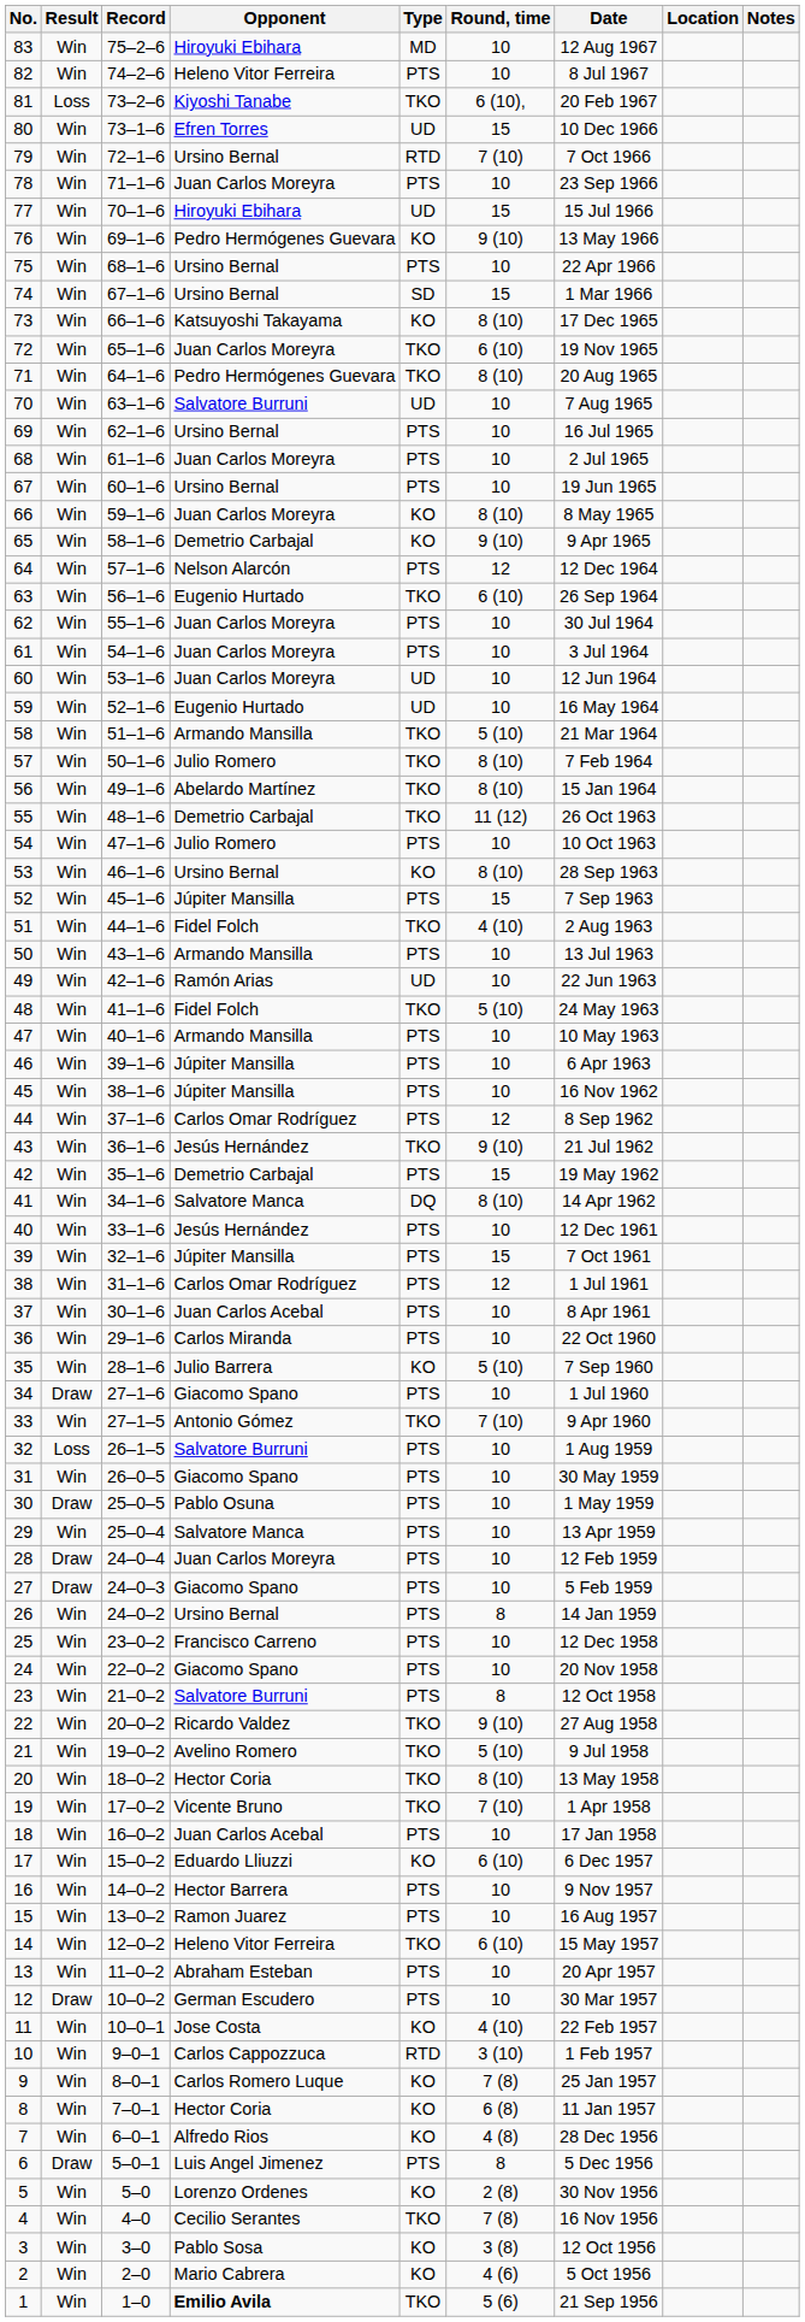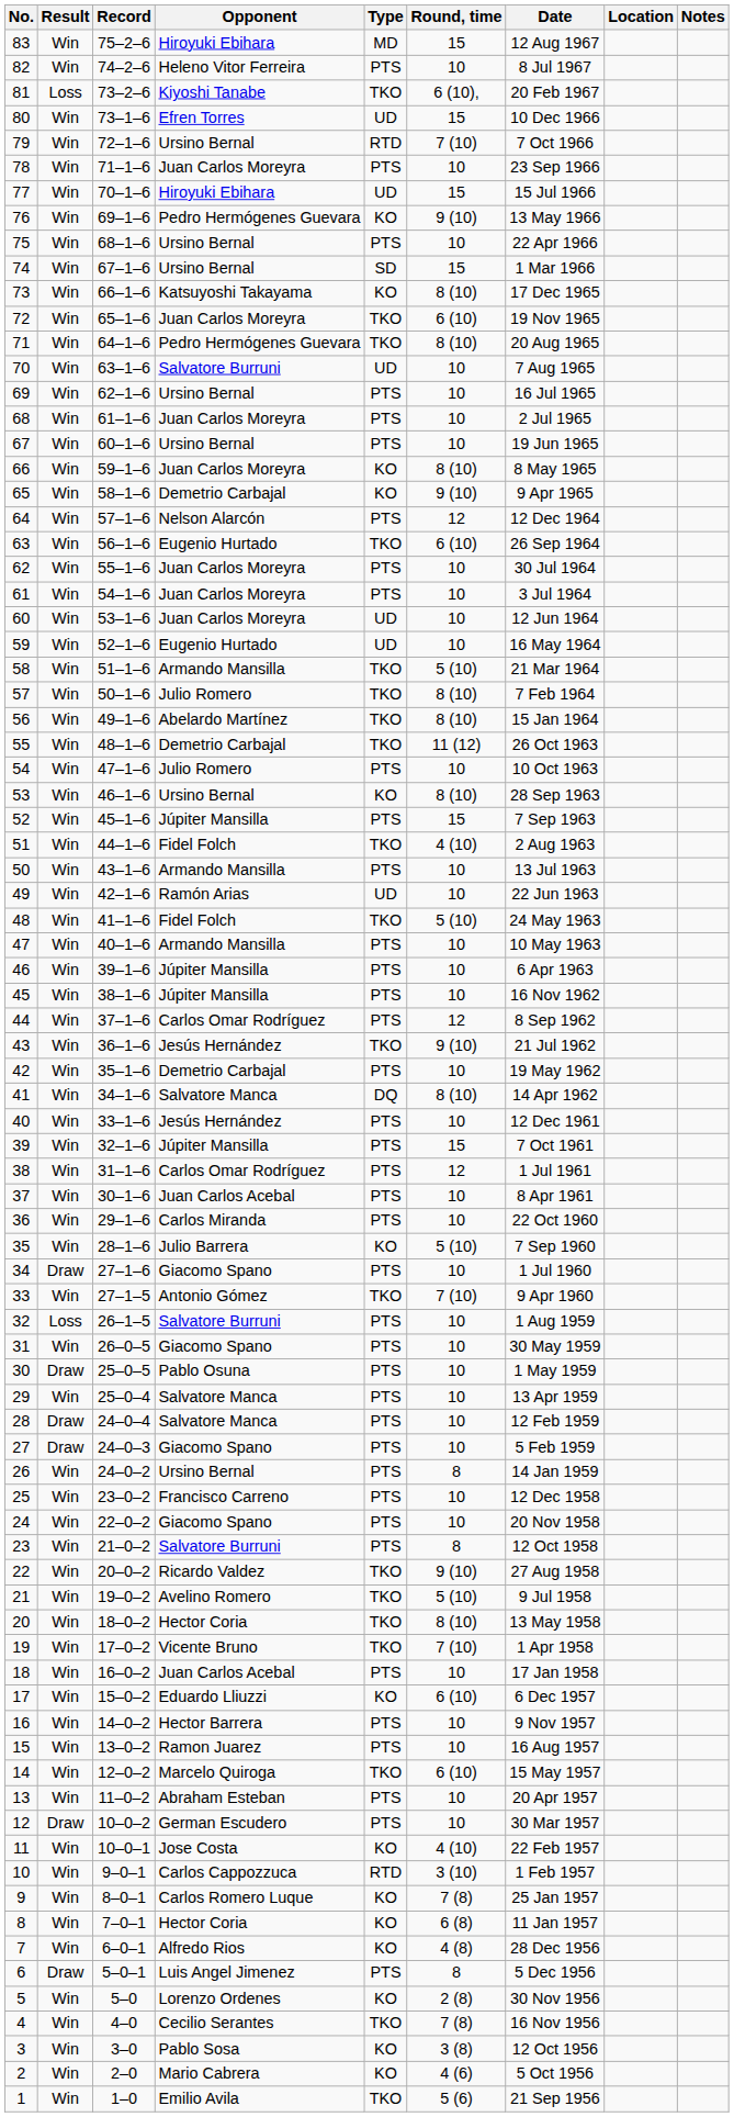 <table class="wikitable" style="text-align:center">
 <tr>
 <th>No.</th>
 <th>Result</th>
 <th>Record</th>
 <th>Opponent</th>
 <th>Type</th>
 <th>Round, time</th>
 <th>Date</th>
 <th>Location</th>
 <th>Notes</th>
 </tr>
 <tr>
 <td>83</td>
 <td>Win</td>
 <td>75–2–6</td>
 <td align=left><a href='#'>Hiroyuki Ebihara</a></td>
 <td>MD</td>
-<td>10</td>
+<td>15</td>
 <td>12 Aug 1967</td>
 <td align=left></td>
 <td align=left></td>
 </tr>
 <tr>
 <td>82</td>
 <td>Win</td>
 <td>74–2–6</td>
 <td align=left>Heleno Vitor Ferreira</td>
 <td>PTS</td>
 <td>10</td>
 <td>8 Jul 1967</td>
 <td align=left></td>
 <td align=left></td>
 </tr>
 <tr>
 <td>81</td>
 <td>Loss</td>
 <td>73–2–6</td>
 <td align=left><a href='#'>Kiyoshi Tanabe</a></td>
 <td>TKO</td>
 <td>6 (10), </td>
 <td>20 Feb 1967</td>
 <td align=left></td>
 <td align=left></td>
 </tr>
 <tr>
 <td>80</td>
 <td>Win</td>
 <td>73–1–6</td>
 <td align=left><a href='#'>Efren Torres</a></td>
 <td>UD</td>
 <td>15</td>
 <td>10 Dec 1966</td>
 <td align=left></td>
 <td align=left></td>
 </tr>
 <tr>
 <td>79</td>
 <td>Win</td>
 <td>72–1–6</td>
 <td align=left>Ursino Bernal</td>
 <td>RTD</td>
 <td>7 (10)</td>
 <td>7 Oct 1966</td>
 <td align=left></td>
 <td align=left></td>
 </tr>
 <tr>
 <td>78</td>
 <td>Win</td>
 <td>71–1–6</td>
 <td align=left>Juan Carlos Moreyra</td>
 <td>PTS</td>
 <td>10</td>
 <td>23 Sep 1966</td>
 <td align=left></td>
 <td align=left></td>
 </tr>
 <tr>
 <td>77</td>
 <td>Win</td>
 <td>70–1–6</td>
 <td align=left><a href='#'>Hiroyuki Ebihara</a></td>
 <td>UD</td>
 <td>15</td>
 <td>15 Jul 1966</td>
 <td align=left></td>
 <td align=left></td>
 </tr>
 <tr>
 <td>76</td>
 <td>Win</td>
 <td>69–1–6</td>
 <td align=left>Pedro Hermógenes Guevara</td>
 <td>KO</td>
 <td>9 (10)</td>
 <td>13 May 1966</td>
 <td align=left></td>
 <td align=left></td>
 </tr>
 <tr>
 <td>75</td>
 <td>Win</td>
 <td>68–1–6</td>
 <td align=left>Ursino Bernal</td>
 <td>PTS</td>
 <td>10</td>
 <td>22 Apr 1966</td>
 <td align=left></td>
 <td align=left></td>
 </tr>
 <tr>
 <td>74</td>
 <td>Win</td>
 <td>67–1–6</td>
 <td align=left>Ursino Bernal</td>
 <td>SD</td>
 <td>15</td>
 <td>1 Mar 1966</td>
 <td align=left></td>
 <td align=left></td>
 </tr>
 <tr>
 <td>73</td>
 <td>Win</td>
 <td>66–1–6</td>
 <td align=left>Katsuyoshi Takayama</td>
 <td>KO</td>
 <td>8 (10)</td>
 <td>17 Dec 1965</td>
 <td align=left></td>
 <td align=left></td>
 </tr>
 <tr>
 <td>72</td>
 <td>Win</td>
 <td>65–1–6</td>
 <td align=left>Juan Carlos Moreyra</td>
 <td>TKO</td>
 <td>6 (10)</td>
 <td>19 Nov 1965</td>
 <td align=left></td>
 <td align=left></td>
 </tr>
 <tr>
 <td>71</td>
 <td>Win</td>
 <td>64–1–6</td>
 <td align=left>Pedro Hermógenes Guevara</td>
 <td>TKO</td>
 <td>8 (10)</td>
 <td>20 Aug 1965</td>
 <td align=left></td>
 <td align=left></td>
 </tr>
 <tr>
 <td>70</td>
 <td>Win</td>
 <td>63–1–6</td>
 <td align=left><a href='#'>Salvatore Burruni</a></td>
 <td>UD</td>
 <td>10</td>
 <td>7 Aug 1965</td>
 <td align=left></td>
 <td align=left></td>
 </tr>
 <tr>
 <td>69</td>
 <td>Win</td>
 <td>62–1–6</td>
 <td align=left>Ursino Bernal</td>
 <td>PTS</td>
 <td>10</td>
 <td>16 Jul 1965</td>
 <td align=left></td>
 <td align=left></td>
 </tr>
 <tr>
 <td>68</td>
 <td>Win</td>
 <td>61–1–6</td>
 <td align=left>Juan Carlos Moreyra</td>
 <td>PTS</td>
 <td>10</td>
 <td>2 Jul 1965</td>
 <td align=left></td>
 <td align=left></td>
 </tr>
 <tr>
 <td>67</td>
 <td>Win</td>
 <td>60–1–6</td>
 <td align=left>Ursino Bernal</td>
 <td>PTS</td>
 <td>10</td>
 <td>19 Jun 1965</td>
 <td align=left></td>
 <td align=left></td>
 </tr>
 <tr>
 <td>66</td>
 <td>Win</td>
 <td>59–1–6</td>
 <td align=left>Juan Carlos Moreyra</td>
 <td>KO</td>
 <td>8 (10)</td>
 <td>8 May 1965</td>
 <td align=left></td>
 <td align=left></td>
 </tr>
 <tr>
 <td>65</td>
 <td>Win</td>
 <td>58–1–6</td>
 <td align=left>Demetrio Carbajal</td>
 <td>KO</td>
 <td>9 (10)</td>
 <td>9 Apr 1965</td>
 <td align=left></td>
 <td align=left></td>
 </tr>
 <tr>
 <td>64</td>
 <td>Win</td>
 <td>57–1–6</td>
 <td align=left>Nelson Alarcón</td>
 <td>PTS</td>
 <td>12</td>
 <td>12 Dec 1964</td>
 <td align=left></td>
 <td align=left></td>
 </tr>
 <tr>
 <td>63</td>
 <td>Win</td>
 <td>56–1–6</td>
 <td align=left>Eugenio Hurtado</td>
 <td>TKO</td>
 <td>6 (10)</td>
 <td>26 Sep 1964</td>
 <td align=left></td>
 <td align=left></td>
 </tr>
 <tr>
 <td>62</td>
 <td>Win</td>
 <td>55–1–6</td>
 <td align=left>Juan Carlos Moreyra</td>
 <td>PTS</td>
 <td>10</td>
 <td>30 Jul 1964</td>
 <td align=left></td>
 <td align=left></td>
 </tr>
 <tr>
 <td>61</td>
 <td>Win</td>
 <td>54–1–6</td>
 <td align=left>Juan Carlos Moreyra</td>
 <td>PTS</td>
 <td>10</td>
 <td>3 Jul 1964</td>
 <td align=left></td>
 <td align=left></td>
 </tr>
 <tr>
 <td>60</td>
 <td>Win</td>
 <td>53–1–6</td>
 <td align=left>Juan Carlos Moreyra</td>
 <td>UD</td>
 <td>10</td>
 <td>12 Jun 1964</td>
 <td align=left></td>
 <td align=left></td>
 </tr>
 <tr>
 <td>59</td>
 <td>Win</td>
 <td>52–1–6</td>
 <td align=left>Eugenio Hurtado</td>
 <td>UD</td>
 <td>10</td>
 <td>16 May 1964</td>
 <td align=left></td>
 <td align=left></td>
 </tr>
 <tr>
 <td>58</td>
 <td>Win</td>
 <td>51–1–6</td>
 <td align=left>Armando Mansilla</td>
 <td>TKO</td>
 <td>5 (10)</td>
 <td>21 Mar 1964</td>
 <td align=left></td>
 <td align=left></td>
 </tr>
 <tr>
 <td>57</td>
 <td>Win</td>
 <td>50–1–6</td>
 <td align=left>Julio Romero</td>
 <td>TKO</td>
 <td>8 (10)</td>
 <td>7 Feb 1964</td>
 <td align=left></td>
 <td align=left></td>
 </tr>
 <tr>
 <td>56</td>
 <td>Win</td>
 <td>49–1–6</td>
 <td align=left>Abelardo Martínez</td>
 <td>TKO</td>
 <td>8 (10)</td>
 <td>15 Jan 1964</td>
 <td align=left></td>
 <td align=left></td>
 </tr>
 <tr>
 <td>55</td>
 <td>Win</td>
 <td>48–1–6</td>
 <td align=left>Demetrio Carbajal</td>
 <td>TKO</td>
 <td>11 (12)</td>
 <td>26 Oct 1963</td>
 <td align=left></td>
 <td align=left></td>
 </tr>
 <tr>
 <td>54</td>
 <td>Win</td>
 <td>47–1–6</td>
 <td align=left>Julio Romero</td>
 <td>PTS</td>
 <td>10</td>
 <td>10 Oct 1963</td>
 <td align=left></td>
 <td align=left></td>
 </tr>
 <tr>
 <td>53</td>
 <td>Win</td>
 <td>46–1–6</td>
 <td align=left>Ursino Bernal</td>
 <td>KO</td>
 <td>8 (10)</td>
 <td>28 Sep 1963</td>
 <td align=left></td>
 <td align=left></td>
 </tr>
 <tr>
 <td>52</td>
 <td>Win</td>
 <td>45–1–6</td>
 <td align=left>Júpiter Mansilla</td>
 <td>PTS</td>
 <td>15</td>
 <td>7 Sep 1963</td>
 <td align=left></td>
 <td align=left></td>
 </tr>
 <tr>
 <td>51</td>
 <td>Win</td>
 <td>44–1–6</td>
 <td align=left>Fidel Folch</td>
 <td>TKO</td>
 <td>4 (10)</td>
 <td>2 Aug 1963</td>
 <td align=left></td>
 <td align=left></td>
 </tr>
 <tr>
 <td>50</td>
 <td>Win</td>
 <td>43–1–6</td>
 <td align=left>Armando Mansilla</td>
 <td>PTS</td>
 <td>10</td>
 <td>13 Jul 1963</td>
 <td align=left></td>
 <td align=left></td>
 </tr>
 <tr>
 <td>49</td>
 <td>Win</td>
 <td>42–1–6</td>
 <td align=left>Ramón Arias</td>
 <td>UD</td>
 <td>10</td>
 <td>22 Jun 1963</td>
 <td align=left></td>
 <td align=left></td>
 </tr>
 <tr>
 <td>48</td>
 <td>Win</td>
 <td>41–1–6</td>
 <td align=left>Fidel Folch</td>
 <td>TKO</td>
 <td>5 (10)</td>
 <td>24 May 1963</td>
 <td align=left></td>
 <td align=left></td>
 </tr>
 <tr>
 <td>47</td>
 <td>Win</td>
 <td>40–1–6</td>
 <td align=left>Armando Mansilla</td>
 <td>PTS</td>
 <td>10</td>
 <td>10 May 1963</td>
 <td align=left></td>
 <td align=left></td>
 </tr>
 <tr>
 <td>46</td>
 <td>Win</td>
 <td>39–1–6</td>
 <td align=left>Júpiter Mansilla</td>
 <td>PTS</td>
 <td>10</td>
 <td>6 Apr 1963</td>
 <td align=left></td>
 <td align=left></td>
 </tr>
 <tr>
 <td>45</td>
 <td>Win</td>
 <td>38–1–6</td>
 <td align=left>Júpiter Mansilla</td>
 <td>PTS</td>
 <td>10</td>
 <td>16 Nov 1962</td>
 <td align=left></td>
 <td align=left></td>
 </tr>
 <tr>
 <td>44</td>
 <td>Win</td>
 <td>37–1–6</td>
 <td align=left>Carlos Omar Rodríguez</td>
 <td>PTS</td>
 <td>12</td>
 <td>8 Sep 1962</td>
 <td align=left></td>
 <td align=left></td>
 </tr>
 <tr>
 <td>43</td>
 <td>Win</td>
 <td>36–1–6</td>
 <td align=left>Jesús Hernández</td>
 <td>TKO</td>
 <td>9 (10)</td>
 <td>21 Jul 1962</td>
 <td align=left></td>
 <td align=left></td>
 </tr>
 <tr>
 <td>42</td>
 <td>Win</td>
 <td>35–1–6</td>
 <td align=left>Demetrio Carbajal</td>
 <td>PTS</td>
-<td>15</td>
+<td>10</td>
 <td>19 May 1962</td>
 <td align=left></td>
 <td align=left></td>
 </tr>
 <tr>
 <td>41</td>
 <td>Win</td>
 <td>34–1–6</td>
 <td align=left>Salvatore Manca</td>
 <td>DQ</td>
 <td>8 (10)</td>
 <td>14 Apr 1962</td>
 <td align=left></td>
 <td align=left></td>
 </tr>
 <tr>
 <td>40</td>
 <td>Win</td>
 <td>33–1–6</td>
 <td align=left>Jesús Hernández</td>
 <td>PTS</td>
 <td>10</td>
 <td>12 Dec 1961</td>
 <td align=left></td>
 <td align=left></td>
 </tr>
 <tr>
 <td>39</td>
 <td>Win</td>
 <td>32–1–6</td>
 <td align=left>Júpiter Mansilla</td>
 <td>PTS</td>
 <td>15</td>
 <td>7 Oct 1961</td>
 <td align=left></td>
 <td align=left></td>
 </tr>
 <tr>
 <td>38</td>
 <td>Win</td>
 <td>31–1–6</td>
 <td align=left>Carlos Omar Rodríguez</td>
 <td>PTS</td>
 <td>12</td>
 <td>1 Jul 1961</td>
 <td align=left></td>
 <td align=left></td>
 </tr>
 <tr>
 <td>37</td>
 <td>Win</td>
 <td>30–1–6</td>
 <td align=left>Juan Carlos Acebal</td>
 <td>PTS</td>
 <td>10</td>
 <td>8 Apr 1961</td>
 <td align=left></td>
 <td align=left></td>
 </tr>
 <tr>
 <td>36</td>
 <td>Win</td>
 <td>29–1–6</td>
 <td align=left>Carlos Miranda</td>
 <td>PTS</td>
 <td>10</td>
 <td>22 Oct 1960</td>
 <td align=left></td>
 <td align=left></td>
 </tr>
 <tr>
 <td>35</td>
 <td>Win</td>
 <td>28–1–6</td>
 <td align=left>Julio Barrera</td>
 <td>KO</td>
 <td>5 (10)</td>
 <td>7 Sep 1960</td>
 <td align=left></td>
 <td align=left></td>
 </tr>
 <tr>
 <td>34</td>
 <td>Draw</td>
 <td>27–1–6</td>
 <td align=left>Giacomo Spano</td>
 <td>PTS</td>
 <td>10</td>
 <td>1 Jul 1960</td>
 <td align=left></td>
 <td align=left></td>
 </tr>
 <tr>
 <td>33</td>
 <td>Win</td>
 <td>27–1–5</td>
 <td align=left>Antonio Gómez</td>
 <td>TKO</td>
 <td>7 (10)</td>
 <td>9 Apr 1960</td>
 <td align=left></td>
 <td align=left></td>
 </tr>
 <tr>
 <td>32</td>
 <td>Loss</td>
 <td>26–1–5</td>
 <td align=left><a href='#'>Salvatore Burruni</a></td>
 <td>PTS</td>
 <td>10</td>
 <td>1 Aug 1959</td>
 <td align=left></td>
 <td align=left></td>
 </tr>
 <tr>
 <td>31</td>
 <td>Win</td>
 <td>26–0–5</td>
 <td align=left>Giacomo Spano</td>
 <td>PTS</td>
 <td>10</td>
 <td>30 May 1959</td>
 <td align=left></td>
 <td align=left></td>
 </tr>
 <tr>
 <td>30</td>
 <td>Draw</td>
 <td>25–0–5</td>
 <td align=left>Pablo Osuna</td>
 <td>PTS</td>
 <td>10</td>
 <td>1 May 1959</td>
 <td align=left></td>
 <td align=left></td>
 </tr>
 <tr>
 <td>29</td>
 <td>Win</td>
 <td>25–0–4</td>
 <td align=left>Salvatore Manca</td>
 <td>PTS</td>
 <td>10</td>
 <td>13 Apr 1959</td>
 <td align=left></td>
 <td align=left></td>
 </tr>
 <tr>
 <td>28</td>
 <td>Draw</td>
 <td>24–0–4</td>
-<td align=left>Juan Carlos Moreyra</td>
+<td align=left>Salvatore Manca</td>
 <td>PTS</td>
 <td>10</td>
 <td>12 Feb 1959</td>
 <td align=left></td>
 <td align=left></td>
 </tr>
 <tr>
 <td>27</td>
 <td>Draw</td>
 <td>24–0–3</td>
 <td align=left>Giacomo Spano</td>
 <td>PTS</td>
 <td>10</td>
 <td>5 Feb 1959</td>
 <td align=left></td>
 <td align=left></td>
 </tr>
 <tr>
 <td>26</td>
 <td>Win</td>
 <td>24–0–2</td>
 <td align=left>Ursino Bernal</td>
 <td>PTS</td>
 <td>8</td>
 <td>14 Jan 1959</td>
 <td align=left></td>
 <td align=left></td>
 </tr>
 <tr>
 <td>25</td>
 <td>Win</td>
 <td>23–0–2</td>
 <td align=left>Francisco Carreno</td>
 <td>PTS</td>
 <td>10</td>
 <td>12 Dec 1958</td>
 <td align=left></td>
 <td align=left></td>
 </tr>
 <tr>
 <td>24</td>
 <td>Win</td>
 <td>22–0–2</td>
 <td align=left>Giacomo Spano</td>
 <td>PTS</td>
 <td>10</td>
 <td>20 Nov 1958</td>
 <td align=left></td>
 <td align=left></td>
 </tr>
 <tr>
 <td>23</td>
 <td>Win</td>
 <td>21–0–2</td>
 <td align=left><a href='#'>Salvatore Burruni</a></td>
 <td>PTS</td>
 <td>8</td>
 <td>12 Oct 1958</td>
 <td align=left></td>
 <td align=left></td>
 </tr>
 <tr>
 <td>22</td>
 <td>Win</td>
 <td>20–0–2</td>
 <td align=left>Ricardo Valdez</td>
 <td>TKO</td>
 <td>9 (10)</td>
 <td>27 Aug 1958</td>
 <td align=left></td>
 <td align=left></td>
 </tr>
 <tr>
 <td>21</td>
 <td>Win</td>
 <td>19–0–2</td>
 <td align=left>Avelino Romero</td>
 <td>TKO</td>
 <td>5 (10)</td>
 <td>9 Jul 1958</td>
 <td align=left></td>
 <td align=left></td>
 </tr>
 <tr>
 <td>20</td>
 <td>Win</td>
 <td>18–0–2</td>
 <td align=left>Hector Coria</td>
 <td>TKO</td>
 <td>8 (10)</td>
 <td>13 May 1958</td>
 <td align=left></td>
 <td align=left></td>
 </tr>
 <tr>
 <td>19</td>
 <td>Win</td>
 <td>17–0–2</td>
 <td align=left>Vicente Bruno</td>
 <td>TKO</td>
 <td>7 (10)</td>
 <td>1 Apr 1958</td>
 <td align=left></td>
 <td align=left></td>
 </tr>
 <tr>
 <td>18</td>
 <td>Win</td>
 <td>16–0–2</td>
 <td align=left>Juan Carlos Acebal</td>
 <td>PTS</td>
 <td>10</td>
 <td>17 Jan 1958</td>
 <td align=left></td>
 <td align=left></td>
 </tr>
 <tr>
 <td>17</td>
 <td>Win</td>
 <td>15–0–2</td>
 <td align=left>Eduardo Lliuzzi</td>
 <td>KO</td>
 <td>6 (10)</td>
 <td>6 Dec 1957</td>
 <td align=left></td>
 <td align=left></td>
 </tr>
 <tr>
 <td>16</td>
 <td>Win</td>
 <td>14–0–2</td>
 <td align=left>Hector Barrera</td>
 <td>PTS</td>
 <td>10</td>
 <td>9 Nov 1957</td>
 <td align=left></td>
 <td align=left></td>
 </tr>
 <tr>
 <td>15</td>
 <td>Win</td>
 <td>13–0–2</td>
 <td align=left>Ramon Juarez</td>
 <td>PTS</td>
 <td>10</td>
 <td>16 Aug 1957</td>
 <td align=left></td>
 <td align=left></td>
 </tr>
 <tr>
 <td>14</td>
 <td>Win</td>
 <td>12–0–2</td>
-<td align=left>Heleno Vitor Ferreira</td>
+<td align=left>Marcelo Quiroga</td>
 <td>TKO</td>
 <td>6 (10)</td>
 <td>15 May 1957</td>
 <td align=left></td>
 <td align=left></td>
 </tr>
 <tr>
 <td>13</td>
 <td>Win</td>
 <td>11–0–2</td>
 <td align=left>Abraham Esteban</td>
 <td>PTS</td>
 <td>10</td>
 <td>20 Apr 1957</td>
 <td align=left></td>
 <td align=left></td>
 </tr>
 <tr>
 <td>12</td>
 <td>Draw</td>
 <td>10–0–2</td>
 <td align=left>German Escudero</td>
 <td>PTS</td>
 <td>10</td>
 <td>30 Mar 1957</td>
 <td align=left></td>
 <td align=left></td>
 </tr>
 <tr>
 <td>11</td>
 <td>Win</td>
 <td>10–0–1</td>
 <td align=left>Jose Costa</td>
 <td>KO</td>
 <td>4 (10)</td>
 <td>22 Feb 1957</td>
 <td align=left></td>
 <td align=left></td>
 </tr>
 <tr>
 <td>10</td>
 <td>Win</td>
 <td>9–0–1</td>
 <td align=left>Carlos Cappozzuca</td>
 <td>RTD</td>
 <td>3 (10)</td>
 <td>1 Feb 1957</td>
 <td align=left></td>
 <td align=left></td>
 </tr>
 <tr>
 <td>9</td>
 <td>Win</td>
 <td>8–0–1</td>
 <td align=left>Carlos Romero Luque</td>
 <td>KO</td>
 <td>7 (8)</td>
 <td>25 Jan 1957</td>
 <td align=left></td>
 <td align=left></td>
 </tr>
 <tr>
 <td>8</td>
 <td>Win</td>
 <td>7–0–1</td>
 <td align=left>Hector Coria</td>
 <td>KO</td>
 <td>6 (8)</td>
 <td>11 Jan 1957</td>
 <td align=left></td>
 <td align=left></td>
 </tr>
 <tr>
 <td>7</td>
 <td>Win</td>
 <td>6–0–1</td>
 <td align=left>Alfredo Rios</td>
 <td>KO</td>
 <td>4 (8)</td>
 <td>28 Dec 1956</td>
 <td align=left></td>
 <td align=left></td>
 </tr>
 <tr>
 <td>6</td>
 <td>Draw</td>
 <td>5–0–1</td>
 <td align=left>Luis Angel Jimenez</td>
 <td>PTS</td>
 <td>8</td>
 <td>5 Dec 1956</td>
 <td align=left></td>
 <td align=left></td>
 </tr>
 <tr>
 <td>5</td>
 <td>Win</td>
 <td>5–0</td>
 <td align=left>Lorenzo Ordenes</td>
 <td>KO</td>
 <td>2 (8)</td>
 <td>30 Nov 1956</td>
 <td align=left></td>
 <td align=left></td>
 </tr>
 <tr>
 <td>4</td>
 <td>Win</td>
 <td>4–0</td>
 <td align=left>Cecilio Serantes</td>
 <td>TKO</td>
 <td>7 (8)</td>
 <td>16 Nov 1956</td>
 <td align=left></td>
 <td align=left></td>
 </tr>
 <tr>
 <td>3</td>
 <td>Win</td>
 <td>3–0</td>
 <td align=left>Pablo Sosa</td>
 <td>KO</td>
 <td>3 (8)</td>
 <td>12 Oct 1956</td>
 <td align=left></td>
 <td align=left></td>
 </tr>
 <tr>
 <td>2</td>
 <td>Win</td>
 <td>2–0</td>
 <td align=left>Mario Cabrera</td>
 <td>KO</td>
 <td>4 (6)</td>
 <td>5 Oct 1956</td>
 <td align=left></td>
 <td align=left></td>
 </tr>
 <tr>
 <td>1</td>
 <td>Win</td>
 <td>1–0</td>
-<td align=left><strong>Emilio Avila</strong></td>
+<td align=left>Emilio Avila</td>
 <td>TKO</td>
 <td>5 (6)</td>
 <td>21 Sep 1956</td>
 <td align=left></td>
 <td align=left></td>
 </tr>
 </table>
